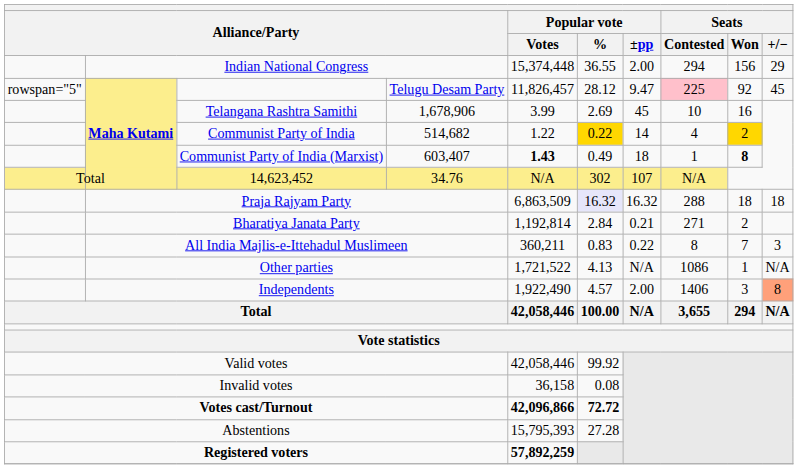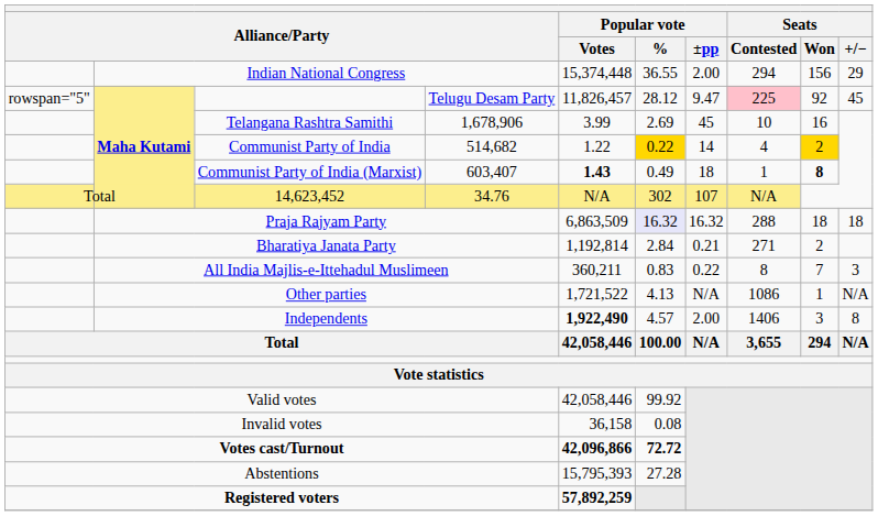 <table class="wikitable sortable" style="text-align:center;">
 <tr>
 <th colspan=10></th>
 </tr>
 <tr>
 <th colspan="4" rowspan="2">Alliance/Party</th>
 <th colspan="3">Popular vote</th>
 <th colspan="3">Seats</th>
 </tr>
 <tr>
 <th>Votes</th>
 <th>%</th>
 <th>±<a href='#'>pp</a></th>
 <th>Contested</th>
 <th>Won</th>
 <th><strong>+/−</strong></th>
 </tr>
 <tr>
 <td></td>
 <td colspan=3><a href='#'>Indian National Congress</a></td>
 <td>15,374,448</td>
 <td>36.55</td>
 <td> 2.00</td>
 <td>294</td>
 <td>156</td>
 <td> 29</td>
 </tr>
 <tr>
 <td>rowspan="5" </td>
 <th rowspan="5" style="background:#FCEE8D"><a href='#'>Maha Kutami</a></th>
 <td></td>
 <td><a href='#'>Telugu Desam Party</a></td>
 <td>11,826,457</td>
 <td>28.12</td>
 <td> 9.47</td>
 <td style="background: pink;">225</td>
 <td>92</td>
 <td> 45</td>
 </tr>
 <tr>
 <td></td>
 <td><a href='#'>Telangana Rashtra Samithi</a></td>
 <td>1,678,906</td>
 <td>3.99</td>
 <td> 2.69</td>
 <td>45</td>
 <td>10</td>
 <td> 16</td>
 </tr>
 <tr>
 <td></td>
 <td><a href='#'>Communist Party of India</a></td>
 <td>514,682</td>
 <td>1.22</td>
 <td style="background: gold;"> 0.22</td>
 <td>14</td>
 <td>4</td>
 <td style="background: gold;"> 2</td>
 </tr>
 <tr>
 <td></td>
 <td><a href='#'>Communist Party of India (Marxist)</a></td>
 <td>603,407</td>
 <td><strong>1.43</strong></td>
 <td> 0.49</td>
 <td>18</td>
 <td>1</td>
 <td><strong> 8</strong></td>
 </tr>
 <tr>
 <td colspan="2" style="background:#FCEE8D">Total</td>
 <td style="background:#FCEE8D">14,623,452</td>
 <td style="background:#FCEE8D">34.76</td>
 <td style="background:#FCEE8D">N/A</td>
 <td style="background:#FCEE8D">302</td>
 <td style="background:#FCEE8D">107</td>
 <td style="background:#FCEE8D">N/A</td>
 </tr>
 <tr>
 <td></td>
 <td colspan=3><a href='#'>Praja Rajyam Party</a></td>
 <td>6,863,509</td>
 <td style="background: lavender;">16.32</td>
 <td> 16.32</td>
 <td>288</td>
 <td>18</td>
 <td> 18</td>
 </tr>
 <tr>
 <td></td>
 <td colspan=3><a href='#'>Bharatiya Janata Party</a></td>
 <td>1,192,814</td>
 <td>2.84</td>
 <td> 0.21</td>
 <td>271</td>
 <td>2</td>
 <td></td>
 </tr>
 <tr>
 <td></td>
 <td colspan=3><a href='#'>All India Majlis-e-Ittehadul Muslimeen</a></td>
 <td>360,211</td>
 <td>0.83</td>
 <td> 0.22</td>
 <td>8</td>
 <td>7</td>
 <td> 3</td>
 </tr>
 <tr>
 <td></td>
 <td colspan="3"><a href='#'>Other parties</a></td>
 <td>1,721,522</td>
 <td>4.13</td>
 <td>N/A</td>
 <td>1086</td>
 <td>1</td>
 <td>N/A</td>
 </tr>
 <tr>
 <td></td>
 <td colspan="3"><a href='#'>Independents</a></td>
-<td>1,922,490</td>
+<td><strong>1,922,490</strong></td>
 <td>4.57</td>
 <td> 2.00</td>
 <td>1406</td>
 <td>3</td>
-<td style="background: lightsalmon;"> 8</td>
+<td> 8</td>
 </tr>
 <tr>
 <th colspan="4">Total</th>
 <th>42,058,446</th>
 <th>100.00</th>
 <th>N/A</th>
 <th>3,655</th>
 <th>294</th>
 <th>N/A</th>
 </tr>
 <tr>
 <td colspan="10"></td>
 </tr>
 <tr>
 <th colspan="10">Vote statistics</th>
 </tr>
 <tr>
 <td colspan="4">Valid votes</td>
 <td align="right">42,058,446</td>
 <td align="right">99.92</td>
 <th colspan="4" rowspan="5" style="background-color:#E9E9E9"></th>
 </tr>
 <tr>
 <td colspan="4">Invalid votes</td>
 <td align="right">36,158</td>
 <td align="right">0.08</td>
 </tr>
 <tr>
 <td colspan="4"><strong>Votes cast/Turnout</strong></td>
 <td align="right"><strong>42,096,866</strong></td>
 <td align="right"><strong>72.72</strong></td>
 </tr>
 <tr>
 <td colspan="4">Abstentions</td>
 <td align="right">15,795,393</td>
 <td align="right">27.28</td>
 </tr>
 <tr>
 <td colspan="4"><strong>Registered voters</strong></td>
 <td align="right"><strong>57,892,259 </strong></td>
 <td style="background-color:#E9E9E9"></td>
 </tr>
 <tr>
 </tr>
 </table>
